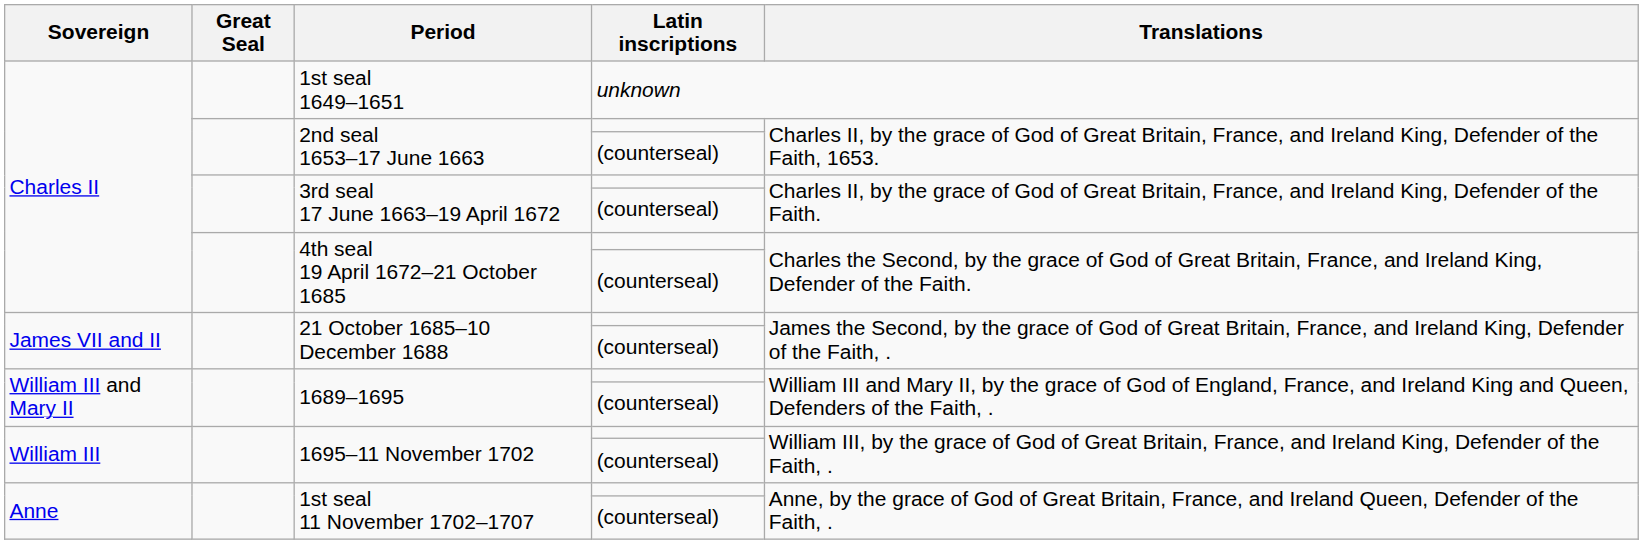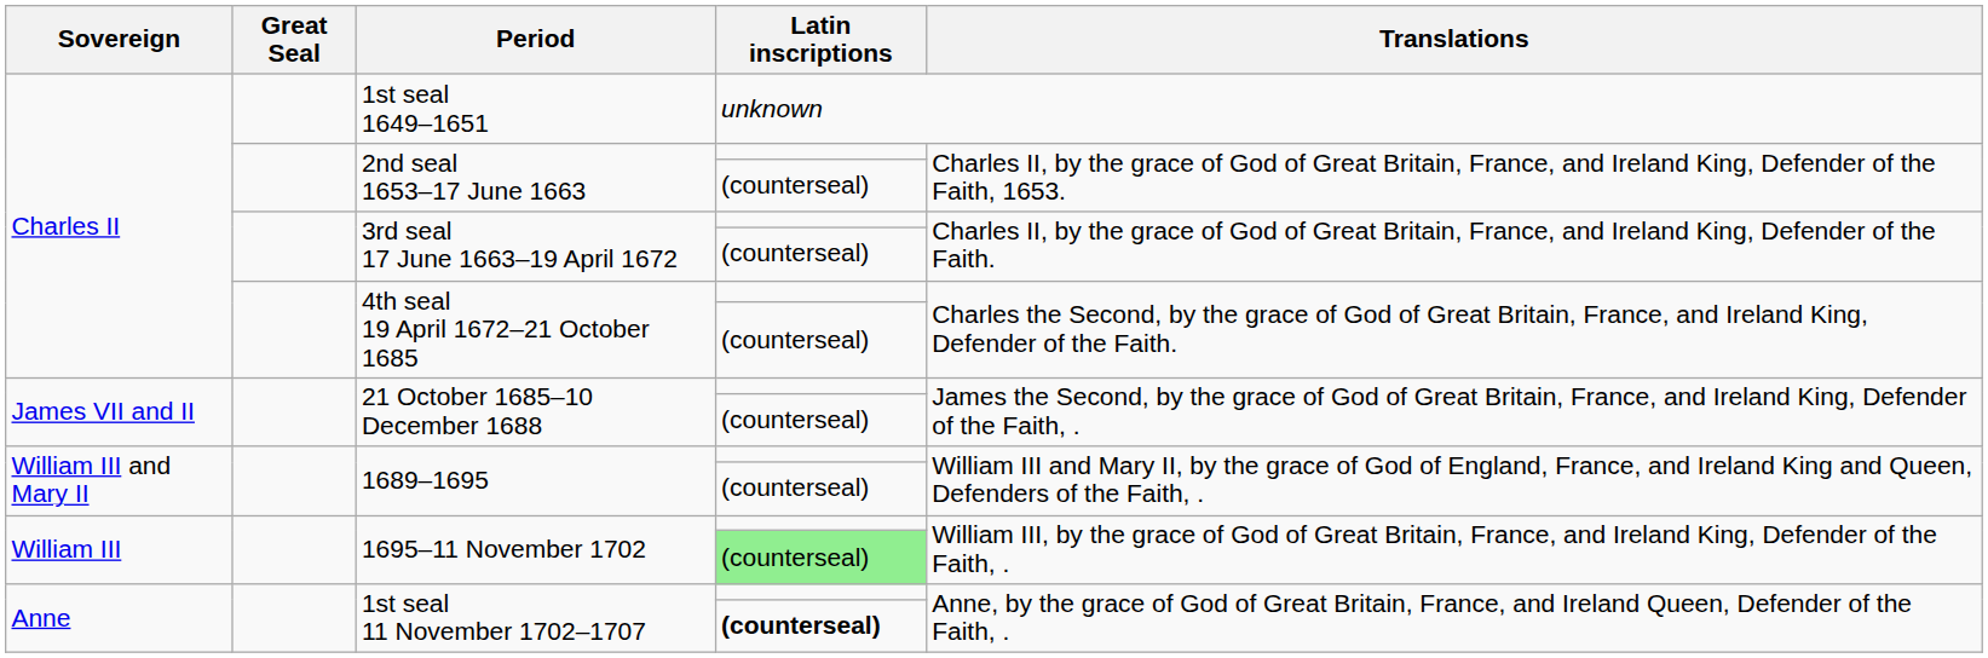 <table class="wikitable">
 <tr>
 <th>Sovereign</th>
 <th>Great Seal</th>
 <th>Period</th>
 <th>Latin inscriptions</th>
 <th>Translations</th>
 </tr>
 <tr>
 <td rowspan="7"><a href='#'>Charles II</a></td>
 <td></td>
 <td>1st seal<br>1649–1651</td>
 <td colspan="2"><em>unknown</em></td>
 </tr>
 <tr>
 <td rowspan="2"></td>
 <td rowspan="2">2nd seal<br>1653–17 June 1663</td>
 <td></td>
 <td rowspan="2">Charles II, by the grace of God of Great Britain, France, and Ireland King, Defender of the Faith, 1653.</td>
 </tr>
 <tr>
 <td> (counterseal)</td>
 </tr>
 <tr>
 <td rowspan="2"></td>
 <td rowspan="2">3rd seal<br>17 June 1663–19 April 1672</td>
 <td></td>
 <td rowspan="2">Charles II, by the grace of God of Great Britain, France, and Ireland King, Defender of the Faith.</td>
 </tr>
 <tr>
 <td> (counterseal)</td>
 </tr>
 <tr>
 <td rowspan="2"></td>
 <td rowspan="2">4th seal<br>19 April 1672–21 October 1685</td>
 <td></td>
 <td rowspan="2">Charles the Second, by the grace of God of Great Britain, France, and Ireland King, Defender of the Faith.</td>
 </tr>
 <tr>
 <td> (counterseal)</td>
 </tr>
 <tr>
 <td rowspan="2"><a href='#'>James VII and II</a></td>
 <td rowspan="2"></td>
 <td rowspan="2">21 October 1685–10 December 1688</td>
 <td></td>
 <td rowspan="2">James the Second, by the grace of God of Great Britain, France, and Ireland King, Defender of the Faith, .</td>
 </tr>
 <tr>
 <td> (counterseal)</td>
 </tr>
 <tr>
 <td rowspan="2"><a href='#'>William III</a> and <a href='#'>Mary II</a></td>
 <td rowspan="2"></td>
 <td rowspan="2">1689–1695</td>
 <td></td>
 <td rowspan="2">William III and Mary II, by the grace of God of England, France, and Ireland King and Queen, Defenders of the Faith, .</td>
 </tr>
 <tr>
 <td> (counterseal)</td>
 </tr>
 <tr>
 <td rowspan="2"><a href='#'>William III</a></td>
 <td rowspan="2"></td>
 <td rowspan="2">1695–11 November 1702</td>
 <td></td>
 <td rowspan="2">William III, by the grace of God of Great Britain, France, and Ireland King, Defender of the Faith, .</td>
 </tr>
 <tr>
-<td> (counterseal)</td>
+<td style="background: lightgreen;"> (counterseal)</td>
 </tr>
 <tr>
 <td rowspan="2"><a href='#'>Anne</a></td>
 <td rowspan="2"></td>
 <td rowspan="2">1st seal<br>11 November 1702–1707</td>
 <td></td>
 <td rowspan="2">Anne, by the grace of God of Great Britain, France, and Ireland Queen, Defender of the Faith, .</td>
 </tr>
 <tr>
-<td> (counterseal)</td>
+<td><strong> (counterseal)</strong></td>
 </tr>
 </table>
